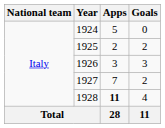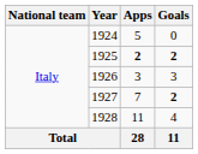 <table class="wikitable" style="text-align:center">
 <tr>
 <th>National team</th>
 <th>Year</th>
 <th>Apps</th>
 <th>Goals</th>
 </tr>
 <tr>
 <td rowspan="5"><a href='#'>Italy</a></td>
 <td>1924</td>
 <td>5</td>
 <td>0</td>
 </tr>
 <tr>
 <td>1925</td>
-<td>2</td>
-<td>2</td>
+<td><strong>2</strong></td>
+<td><strong>2</strong></td>
 </tr>
 <tr>
 <td>1926</td>
 <td>3</td>
 <td>3</td>
 </tr>
 <tr>
 <td>1927</td>
 <td>7</td>
-<td>2</td>
+<td><strong>2</strong></td>
 </tr>
 <tr>
 <td>1928</td>
-<td><strong>11</strong></td>
+<td>11</td>
 <td>4</td>
 </tr>
 <tr>
 <th colspan="2">Total</th>
 <th>28</th>
 <th>11</th>
 </tr>
 </table>
